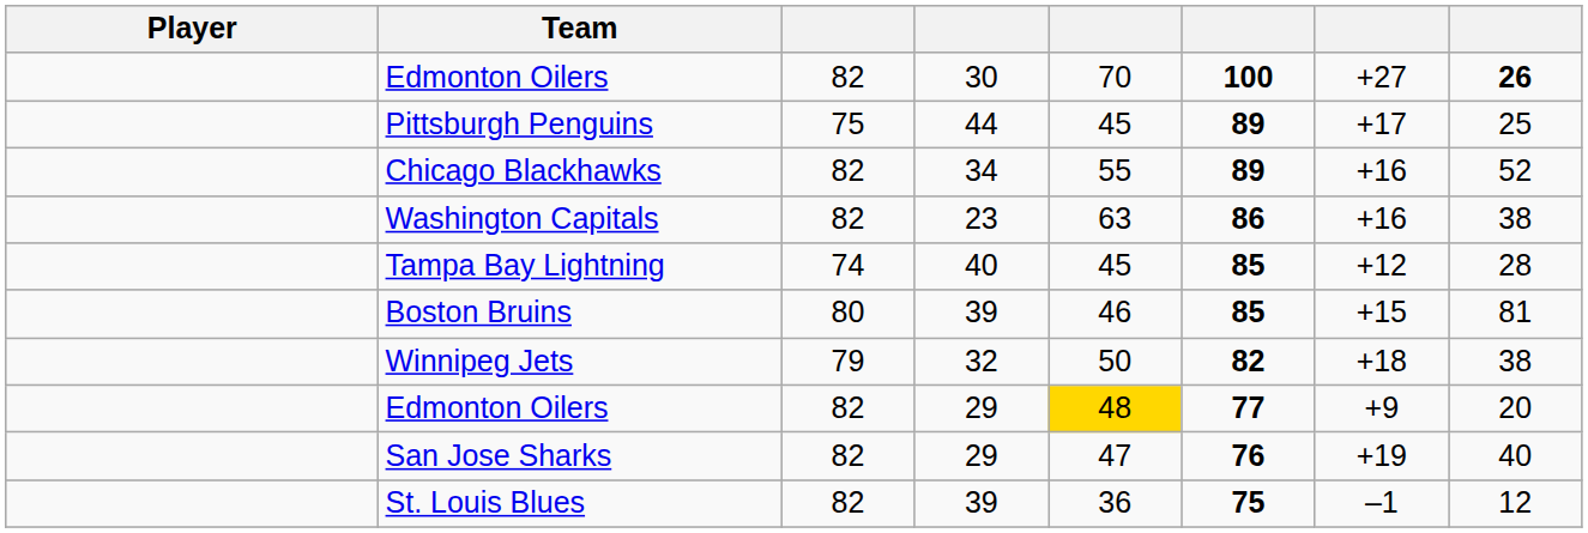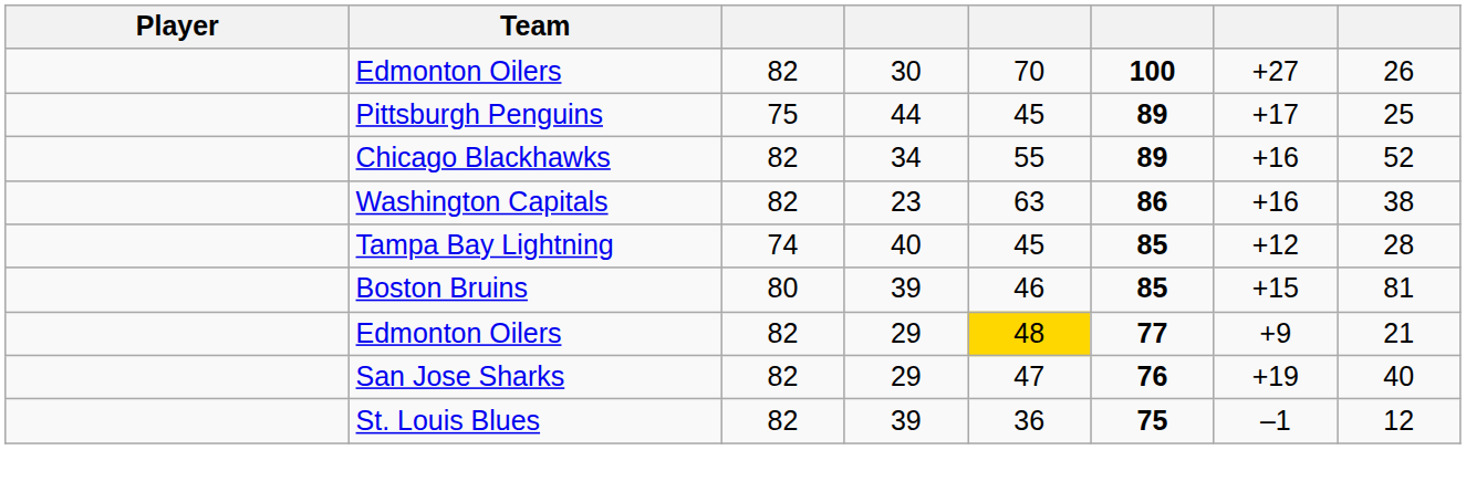 <table class="wikitable sortable">
 <tr>
 <th style="width: 12em;">Player</th>
 <th style="width: 13em;">Team</th>
 <th style="width: 4em;"></th>
 <th style="width: 4em;"></th>
 <th style="width: 4em;"></th>
 <th style="width: 4em;"></th>
 <th data-sort-type="number" style="width: 4em;"></th>
 <th style="width: 4em;"></th>
 </tr>
 <tr style="text-align:center;">
 <td style="text-align:left;"></td>
 <td style="text-align:left;"><a href='#'>Edmonton Oilers</a></td>
 <td>82</td>
 <td>30</td>
 <td>70</td>
 <td><strong>100</strong></td>
 <td>+27</td>
-<td><strong>26</strong></td>
+<td>26</td>
 </tr>
 <tr style="text-align:center;">
 <td style="text-align:left;"></td>
 <td style="text-align:left;"><a href='#'>Pittsburgh Penguins</a></td>
 <td>75</td>
 <td>44</td>
 <td>45</td>
 <td><strong>89</strong></td>
 <td>+17</td>
 <td>25</td>
 </tr>
 <tr style="text-align:center;">
 <td style="text-align:left;"></td>
 <td style="text-align:left;"><a href='#'>Chicago Blackhawks</a></td>
 <td>82</td>
 <td>34</td>
 <td>55</td>
 <td><strong>89</strong></td>
 <td>+16</td>
 <td>52</td>
 </tr>
 <tr style="text-align:center;">
 <td style="text-align:left;"></td>
 <td style="text-align:left;"><a href='#'>Washington Capitals</a></td>
 <td>82</td>
 <td>23</td>
 <td>63</td>
 <td><strong>86</strong></td>
 <td>+16</td>
 <td>38</td>
 </tr>
 <tr style="text-align:center;">
 <td style="text-align:left;"></td>
 <td style="text-align:left;"><a href='#'>Tampa Bay Lightning</a></td>
 <td>74</td>
 <td>40</td>
 <td>45</td>
 <td><strong>85</strong></td>
 <td>+12</td>
 <td>28</td>
 </tr>
 <tr style="text-align:center;">
 <td style="text-align:left;"></td>
 <td style="text-align:left;"><a href='#'>Boston Bruins</a></td>
 <td>80</td>
 <td>39</td>
 <td>46</td>
 <td><strong>85</strong></td>
 <td>+15</td>
 <td>81</td>
 </tr>
 <tr style="text-align:center;">
 <td style="text-align:left;"></td>
-<td style="text-align:left;"><a href='#'>Winnipeg Jets</a></td>
-<td>79</td>
-<td>32</td>
-<td>50</td>
-<td><strong>82</strong></td>
-<td>+18</td>
-<td>38</td>
-</tr>
-<tr style="text-align:center;">
-<td style="text-align:left;"></td>
 <td style="text-align:left;"><a href='#'>Edmonton Oilers</a></td>
 <td>82</td>
 <td>29</td>
 <td style="background: gold;">48</td>
 <td><strong>77</strong></td>
 <td>+9</td>
-<td>20</td>
+<td>21</td>
 </tr>
 <tr style="text-align:center;">
 <td style="text-align:left;"></td>
 <td style="text-align:left;"><a href='#'>San Jose Sharks</a></td>
 <td>82</td>
 <td>29</td>
 <td>47</td>
 <td><strong>76</strong></td>
 <td>+19</td>
 <td>40</td>
 </tr>
 <tr style="text-align:center;">
 <td style="text-align:left;"></td>
 <td style="text-align:left;"><a href='#'>St. Louis Blues</a></td>
 <td>82</td>
 <td>39</td>
 <td>36</td>
 <td><strong>75</strong></td>
 <td>–1</td>
 <td>12</td>
 </tr>
 </table>
